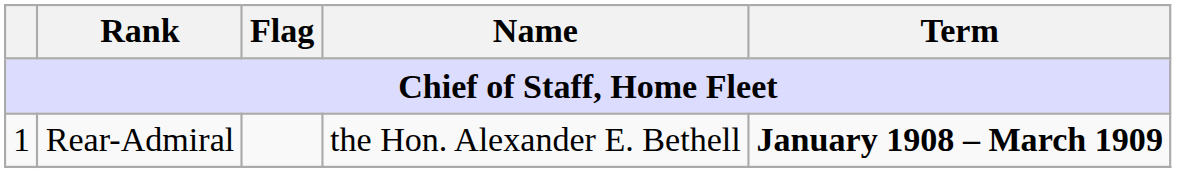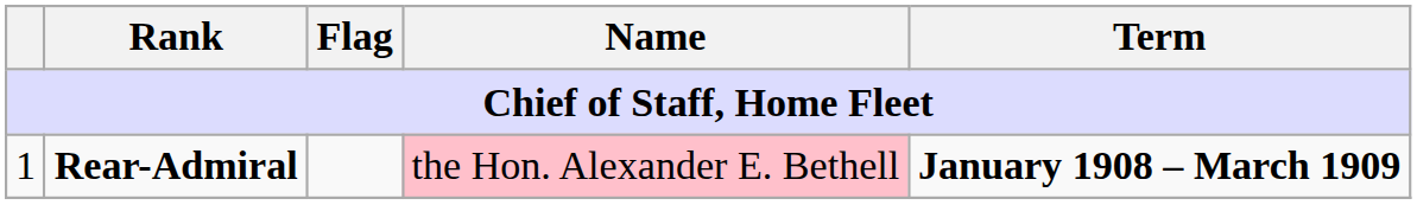 <table class="wikitable">
 <tr>
 <th></th>
 <th>Rank</th>
 <th>Flag</th>
 <th>Name</th>
 <th>Term</th>
 </tr>
 <tr>
 <td colspan="5" align="center" style="background:#dcdcfe;"><strong>Chief of Staff, Home Fleet</strong></td>
 </tr>
 <tr>
 <td>1</td>
-<td>Rear-Admiral</td>
+<td><strong>Rear-Admiral</strong></td>
 <td></td>
-<td>the Hon. Alexander E. Bethell</td>
+<td style="background: pink;">the Hon. Alexander E. Bethell</td>
 <td><strong>January 1908 – March 1909</strong></td>
 </tr>
 <tr>
 </tr>
 </table>
